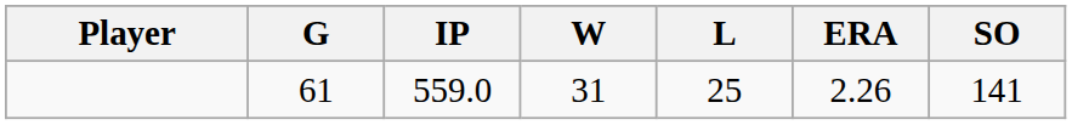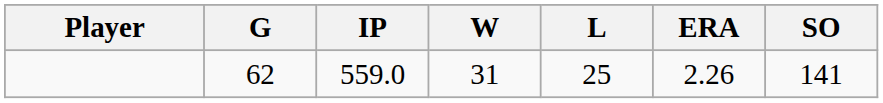 <table class="wikitable sortable">
 <tr>
 <th bgcolor="#DDDDFF" width="16%">Player</th>
 <th bgcolor="#DDDDFF" width="9%">G</th>
 <th bgcolor="#DDDDFF" width="9%">IP</th>
 <th bgcolor="#DDDDFF" width="9%">W</th>
 <th bgcolor="#DDDDFF" width="9%">L</th>
 <th bgcolor="#DDDDFF" width="9%">ERA</th>
 <th bgcolor="#DDDDFF" width="9%">SO</th>
 </tr>
 <tr align="center">
 <td></td>
-<td>61</td>
+<td>62</td>
 <td>559.0</td>
 <td>31</td>
 <td>25</td>
 <td>2.26</td>
 <td>141</td>
 </tr>
 </table>
